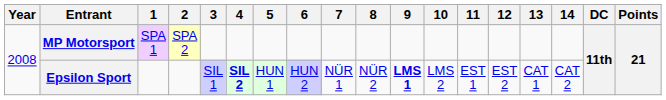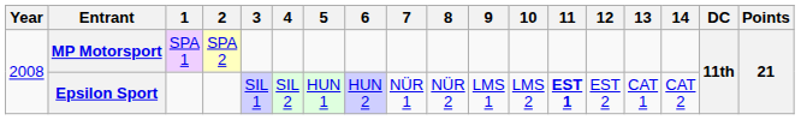 <table class="wikitable" style="text-align:center; font-size:85%">
 <tr>
 <th>Year</th>
 <th>Entrant</th>
 <th>1</th>
 <th>2</th>
 <th>3</th>
 <th>4</th>
 <th>5</th>
 <th>6</th>
 <th>7</th>
 <th>8</th>
 <th>9</th>
 <th>10</th>
 <th>11</th>
 <th>12</th>
 <th>13</th>
 <th>14</th>
 <th>DC</th>
 <th>Points</th>
 </tr>
 <tr>
 <td rowspan="2"><a href='#'>2008</a></td>
 <th nowrap><a href='#'>MP Motorsport</a></th>
 <td style="background:#efcfff;"><a href='#'>SPA<br>1</a><br></td>
 <td style="background:#ffffbf;"><a href='#'>SPA<br>2</a><br></td>
 <td></td>
 <td></td>
 <td></td>
 <td></td>
 <td></td>
 <td></td>
 <td></td>
 <td></td>
 <td></td>
 <td></td>
 <td></td>
 <td></td>
 <th rowspan="2">11th</th>
 <th rowspan="2">21</th>
 </tr>
 <tr>
 <th nowrap><a href='#'>Epsilon Sport</a></th>
 <td></td>
 <td></td>
 <td style="background:#cfcfff;"><a href='#'>SIL<br>1</a><br></td>
-<td style="background:#dfffdf;"><strong><a href='#'>SIL<br>2</a><br></strong></td>
+<td style="background:#dfffdf;"><a href='#'>SIL<br>2</a><br></td>
 <td style="background:#dfffdf;"><a href='#'>HUN<br>1</a><br></td>
 <td style="background:#cfcfff;"><a href='#'>HUN<br>2</a><br></td>
 <td style="background:#;"><a href='#'>NÜR<br>1</a><br></td>
 <td style="background:#;"><a href='#'>NÜR<br>2</a><br></td>
-<td style="background:#;"><strong><a href='#'>LMS<br>1</a><br></strong></td>
+<td style="background:#;"><a href='#'>LMS<br>1</a><br></td>
 <td style="background:#;"><a href='#'>LMS<br>2</a><br></td>
-<td style="background:#;"><a href='#'>EST<br>1</a><br></td>
+<td style="background:#;"><strong><a href='#'>EST<br>1</a><br></strong></td>
 <td style="background:#;"><a href='#'>EST<br>2</a><br></td>
 <td style="background:#;"><a href='#'>CAT<br>1</a><br></td>
 <td style="background:#;"><a href='#'>CAT<br>2</a><br></td>
 </tr>
 </table>
